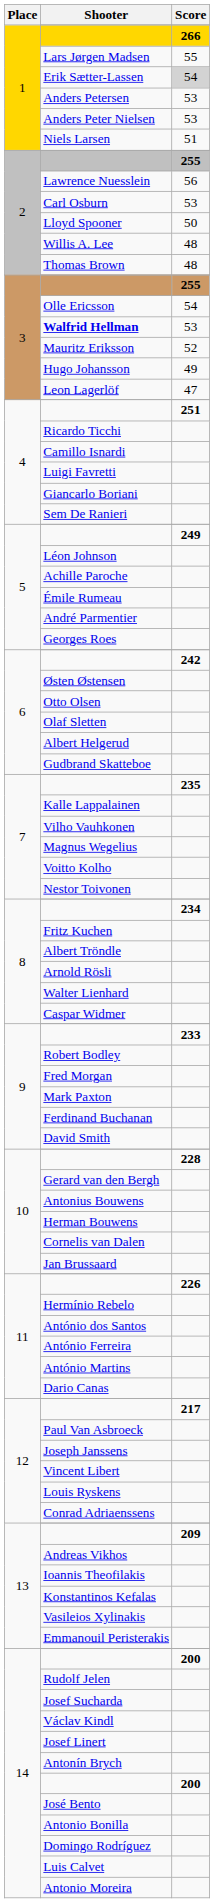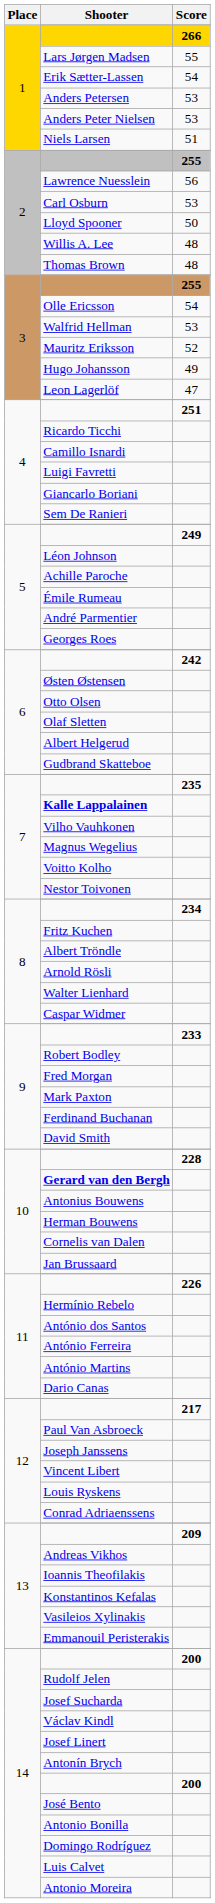 <table class=wikitable style="text-align:center">
 <tr>
 <th>Place</th>
 <th>Shooter</th>
 <th>Score</th>
 </tr>
 <tr>
 <td rowspan=7 align=center bgcolor=gold>1</td>
 </tr>
 <tr>
 <td align=left bgcolor=gold></td>
 <td bgcolor=gold><strong>266</strong></td>
 </tr>
 <tr>
 <td align=left><a href='#'>Lars Jørgen Madsen</a></td>
 <td>55</td>
 </tr>
 <tr>
 <td align=left><a href='#'>Erik Sætter-Lassen</a></td>
-<td style="background: lightgrey;">54</td>
+<td>54</td>
 </tr>
 <tr>
 <td align=left><a href='#'>Anders Petersen</a></td>
 <td>53</td>
 </tr>
 <tr>
 <td align=left><a href='#'>Anders Peter Nielsen</a></td>
 <td>53</td>
 </tr>
 <tr>
 <td align=left><a href='#'>Niels Larsen</a></td>
 <td>51</td>
 </tr>
 <tr>
 <td rowspan=7 align=center bgcolor=silver>2</td>
 </tr>
 <tr>
 <td align=left bgcolor=silver></td>
 <td bgcolor=silver><strong>255</strong></td>
 </tr>
 <tr>
 <td align=left><a href='#'>Lawrence Nuesslein</a></td>
 <td>56</td>
 </tr>
 <tr>
 <td align=left><a href='#'>Carl Osburn</a></td>
 <td>53</td>
 </tr>
 <tr>
 <td align=left><a href='#'>Lloyd Spooner</a></td>
 <td>50</td>
 </tr>
 <tr>
 <td align=left><a href='#'>Willis A. Lee</a></td>
 <td>48</td>
 </tr>
 <tr>
 <td align=left><a href='#'>Thomas Brown</a></td>
 <td>48</td>
 </tr>
 <tr>
 <td rowspan=7 align=center bgcolor=cc9966>3</td>
 </tr>
 <tr>
 <td align=left bgcolor=cc9966></td>
 <td bgcolor=cc9966><strong>255</strong></td>
 </tr>
 <tr>
 <td align=left><a href='#'>Olle Ericsson</a></td>
 <td>54</td>
 </tr>
 <tr>
-<td align=left><strong><a href='#'>Walfrid Hellman</a></strong></td>
+<td align=left><a href='#'>Walfrid Hellman</a></td>
 <td>53</td>
 </tr>
 <tr>
 <td align=left><a href='#'>Mauritz Eriksson</a></td>
 <td>52</td>
 </tr>
 <tr>
 <td align=left><a href='#'>Hugo Johansson</a></td>
 <td>49</td>
 </tr>
 <tr>
 <td align=left><a href='#'>Leon Lagerlöf</a></td>
 <td>47</td>
 </tr>
 <tr>
 <td rowspan=7>4</td>
 </tr>
 <tr>
 <td align=left></td>
 <td><strong>251</strong></td>
 </tr>
 <tr>
 <td align=left><a href='#'>Ricardo Ticchi</a></td>
 <td></td>
 </tr>
 <tr>
 <td align=left><a href='#'>Camillo Isnardi</a></td>
 <td></td>
 </tr>
 <tr>
 <td align=left><a href='#'>Luigi Favretti</a></td>
 <td></td>
 </tr>
 <tr>
 <td align=left><a href='#'>Giancarlo Boriani</a></td>
 <td></td>
 </tr>
 <tr>
 <td align=left><a href='#'>Sem De Ranieri</a></td>
 <td></td>
 </tr>
 <tr>
 <td rowspan=7>5</td>
 </tr>
 <tr>
 <td align=left></td>
 <td><strong>249</strong></td>
 </tr>
 <tr>
 <td align=left><a href='#'>Léon Johnson</a></td>
 <td></td>
 </tr>
 <tr>
 <td align=left><a href='#'>Achille Paroche</a></td>
 <td></td>
 </tr>
 <tr>
 <td align=left><a href='#'>Émile Rumeau</a></td>
 <td></td>
 </tr>
 <tr>
 <td align=left><a href='#'>André Parmentier</a></td>
 <td></td>
 </tr>
 <tr>
 <td align=left><a href='#'>Georges Roes</a></td>
 <td></td>
 </tr>
 <tr>
 <td rowspan=7>6</td>
 </tr>
 <tr>
 <td align=left></td>
 <td><strong>242</strong></td>
 </tr>
 <tr>
 <td align=left><a href='#'>Østen Østensen</a></td>
 <td></td>
 </tr>
 <tr>
 <td align=left><a href='#'>Otto Olsen</a></td>
 <td></td>
 </tr>
 <tr>
 <td align=left><a href='#'>Olaf Sletten</a></td>
 <td></td>
 </tr>
 <tr>
 <td align=left><a href='#'>Albert Helgerud</a></td>
 <td></td>
 </tr>
 <tr>
 <td align=left><a href='#'>Gudbrand Skatteboe</a></td>
 <td></td>
 </tr>
 <tr>
 <td rowspan=7>7</td>
 </tr>
 <tr>
 <td align=left></td>
 <td><strong>235</strong></td>
 </tr>
 <tr>
-<td align=left><a href='#'>Kalle Lappalainen</a></td>
+<td align=left><strong><a href='#'>Kalle Lappalainen</a></strong></td>
 <td></td>
 </tr>
 <tr>
 <td align=left><a href='#'>Vilho Vauhkonen</a></td>
 <td></td>
 </tr>
 <tr>
 <td align=left><a href='#'>Magnus Wegelius</a></td>
 <td></td>
 </tr>
 <tr>
 <td align=left><a href='#'>Voitto Kolho</a></td>
 <td></td>
 </tr>
 <tr>
 <td align=left><a href='#'>Nestor Toivonen</a></td>
 <td></td>
 </tr>
 <tr>
 <td rowspan=7>8</td>
 </tr>
 <tr>
 <td align=left></td>
 <td><strong>234</strong></td>
 </tr>
 <tr>
 <td align=left><a href='#'>Fritz Kuchen</a></td>
 <td></td>
 </tr>
 <tr>
 <td align=left><a href='#'>Albert Tröndle</a></td>
 <td></td>
 </tr>
 <tr>
 <td align=left><a href='#'>Arnold Rösli</a></td>
 <td></td>
 </tr>
 <tr>
 <td align=left><a href='#'>Walter Lienhard</a></td>
 <td></td>
 </tr>
 <tr>
 <td align=left><a href='#'>Caspar Widmer</a></td>
 <td></td>
 </tr>
 <tr>
 <td rowspan=7>9</td>
 </tr>
 <tr>
 <td align=left></td>
 <td><strong>233</strong></td>
 </tr>
 <tr>
 <td align=left><a href='#'>Robert Bodley</a></td>
 <td></td>
 </tr>
 <tr>
 <td align=left><a href='#'>Fred Morgan</a></td>
 <td></td>
 </tr>
 <tr>
 <td align=left><a href='#'>Mark Paxton</a></td>
 <td></td>
 </tr>
 <tr>
 <td align=left><a href='#'>Ferdinand Buchanan</a></td>
 <td></td>
 </tr>
 <tr>
 <td align=left><a href='#'>David Smith</a></td>
 <td></td>
 </tr>
 <tr>
 <td rowspan=7>10</td>
 </tr>
 <tr>
 <td align=left></td>
 <td><strong>228</strong></td>
 </tr>
 <tr>
-<td align=left><a href='#'>Gerard van den Bergh</a></td>
+<td align=left><strong><a href='#'>Gerard van den Bergh</a></strong></td>
 <td></td>
 </tr>
 <tr>
 <td align=left><a href='#'>Antonius Bouwens</a></td>
 <td></td>
 </tr>
 <tr>
 <td align=left><a href='#'>Herman Bouwens</a></td>
 <td></td>
 </tr>
 <tr>
 <td align=left><a href='#'>Cornelis van Dalen</a></td>
 <td></td>
 </tr>
 <tr>
 <td align=left><a href='#'>Jan Brussaard</a></td>
 <td></td>
 </tr>
 <tr>
 <td rowspan=7>11</td>
 </tr>
 <tr>
 <td align=left></td>
 <td><strong>226</strong></td>
 </tr>
 <tr>
 <td align=left><a href='#'>Hermínio Rebelo</a></td>
 <td></td>
 </tr>
 <tr>
 <td align=left><a href='#'>António dos Santos</a></td>
 <td></td>
 </tr>
 <tr>
 <td align=left><a href='#'>António Ferreira</a></td>
 <td></td>
 </tr>
 <tr>
 <td align=left><a href='#'>António Martins</a></td>
 <td></td>
 </tr>
 <tr>
 <td align=left><a href='#'>Dario Canas</a></td>
 <td></td>
 </tr>
 <tr>
 <td rowspan=7>12</td>
 </tr>
 <tr>
 <td align=left></td>
 <td><strong>217</strong></td>
 </tr>
 <tr>
 <td align=left><a href='#'>Paul Van Asbroeck</a></td>
 <td></td>
 </tr>
 <tr>
 <td align=left><a href='#'>Joseph Janssens</a></td>
 <td></td>
 </tr>
 <tr>
 <td align=left><a href='#'>Vincent Libert</a></td>
 <td></td>
 </tr>
 <tr>
 <td align=left><a href='#'>Louis Ryskens</a></td>
 <td></td>
 </tr>
 <tr>
 <td align=left><a href='#'>Conrad Adriaenssens</a></td>
 <td></td>
 </tr>
 <tr>
 <td rowspan=7>13</td>
 </tr>
 <tr>
 <td align=left></td>
 <td><strong>209</strong></td>
 </tr>
 <tr>
 <td align=left><a href='#'>Andreas Vikhos</a></td>
 <td></td>
 </tr>
 <tr>
 <td align=left><a href='#'>Ioannis Theofilakis</a></td>
 <td></td>
 </tr>
 <tr>
 <td align=left><a href='#'>Konstantinos Kefalas</a></td>
 <td></td>
 </tr>
 <tr>
 <td align=left><a href='#'>Vasileios Xylinakis</a></td>
 <td></td>
 </tr>
 <tr>
 <td align=left><a href='#'>Emmanouil Peristerakis</a></td>
 <td></td>
 </tr>
 <tr>
 <td rowspan=14>14</td>
 </tr>
 <tr>
 <td align=left></td>
 <td><strong>200</strong></td>
 </tr>
 <tr>
 <td align=left><a href='#'>Rudolf Jelen</a></td>
 <td></td>
 </tr>
 <tr>
 <td align=left><a href='#'>Josef Sucharda</a></td>
 <td></td>
 </tr>
 <tr>
 <td align=left><a href='#'>Václav Kindl</a></td>
 <td></td>
 </tr>
 <tr>
 <td align=left><a href='#'>Josef Linert</a></td>
 <td></td>
 </tr>
 <tr>
 <td align=left><a href='#'>Antonín Brych</a></td>
 <td></td>
 </tr>
 <tr>
 <td align=left></td>
 <td><strong>200</strong></td>
 </tr>
 <tr>
 <td align=left><a href='#'>José Bento</a></td>
 <td></td>
 </tr>
 <tr>
 <td align=left><a href='#'>Antonio Bonilla</a></td>
 <td></td>
 </tr>
 <tr>
 <td align=left><a href='#'>Domingo Rodríguez</a></td>
 <td></td>
 </tr>
 <tr>
 <td align=left><a href='#'>Luis Calvet</a></td>
 <td></td>
 </tr>
 <tr>
 <td align=left><a href='#'>Antonio Moreira</a></td>
 <td></td>
 </tr>
 </table>
